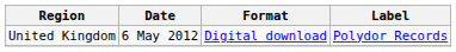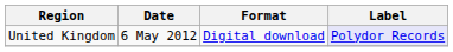 <table class=wikitable>
 <tr>
 <th>Region</th>
 <th>Date</th>
 <th>Format</th>
 <th>Label</th>
 </tr>
 <tr>
 <td>United Kingdom</td>
 <td>6 May 2012</td>
 <td><a href='#'>Digital download</a></td>
-<td><a href='#'>Polydor Records</a></td>
+<td style="background: lavender;"><a href='#'>Polydor Records</a></td>
 </tr>
 <tr>
 </tr>
 </table>
